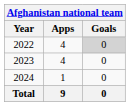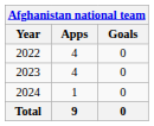 <table class="wikitable" style="text-align:center">
 <tr>
 <th colspan=3><a href='#'>Afghanistan national team</a></th>
 </tr>
 <tr>
 <th>Year</th>
 <th>Apps</th>
 <th>Goals</th>
 </tr>
 <tr>
 <td>2022</td>
 <td>4</td>
-<td style="background: lightgrey;">0</td>
+<td>0</td>
 </tr>
 <tr>
 <td>2023</td>
 <td>4</td>
 <td>0</td>
 </tr>
 <tr>
 <td>2024</td>
 <td>1</td>
 <td>0</td>
 </tr>
 <tr>
 <th>Total</th>
 <th>9</th>
 <th>0</th>
 </tr>
 </table>
